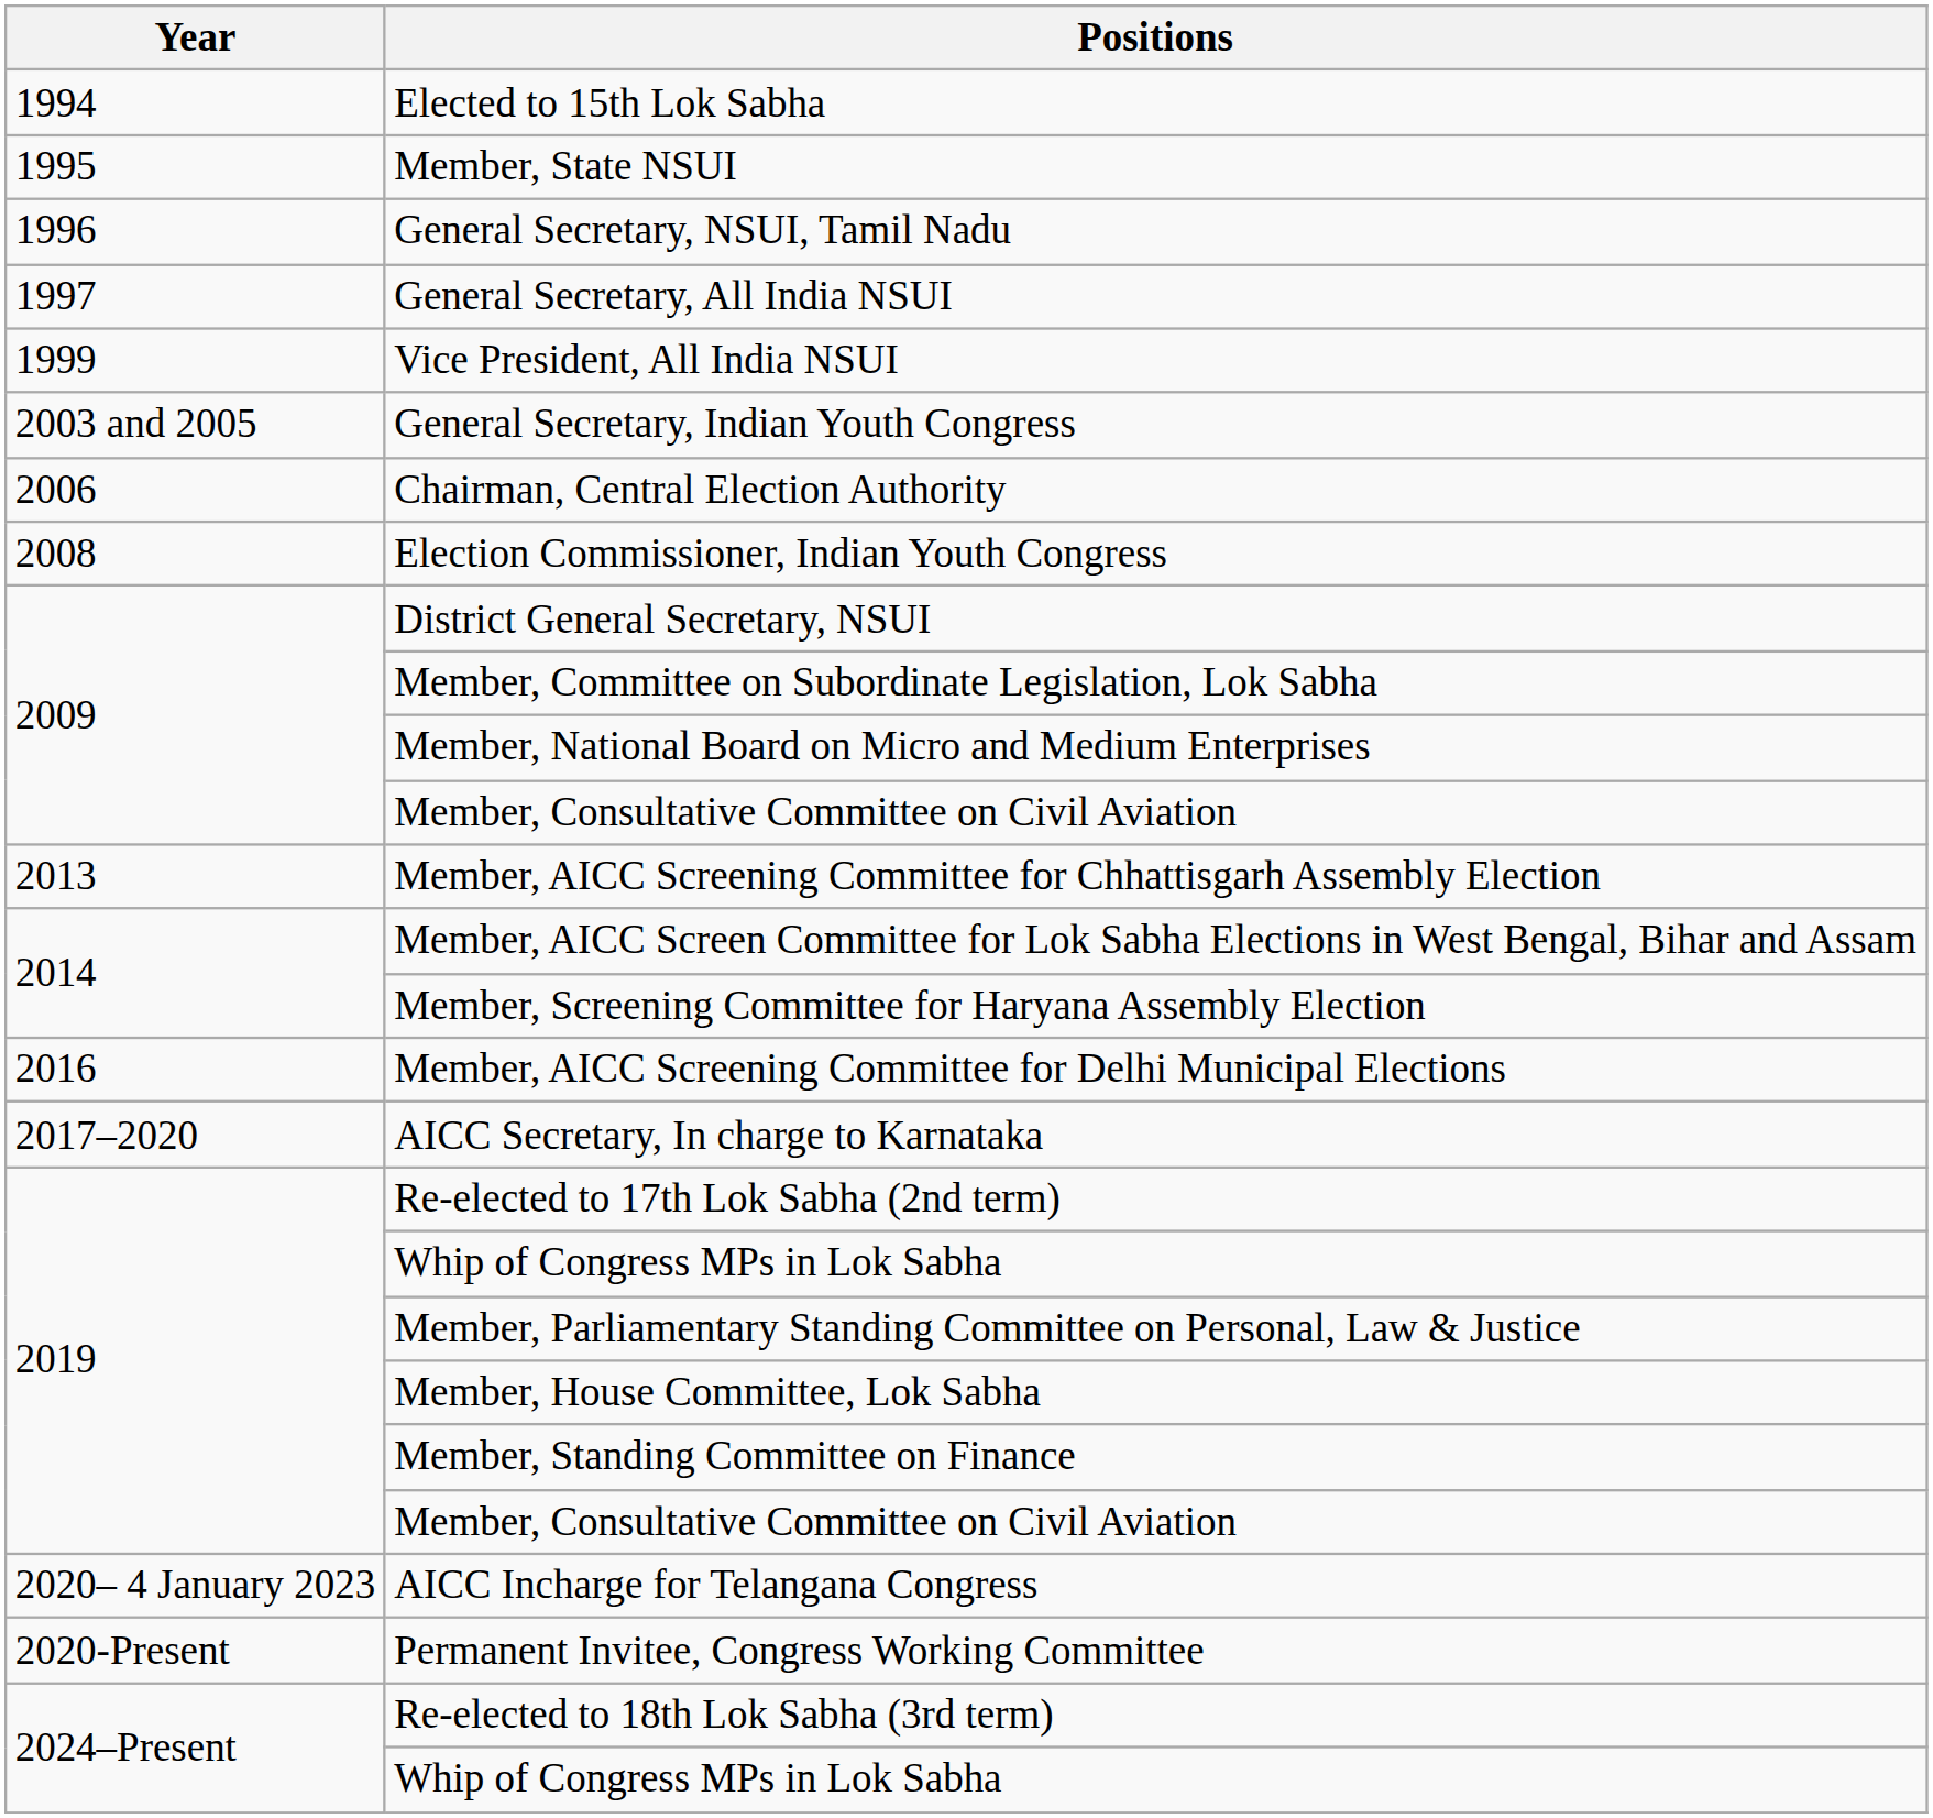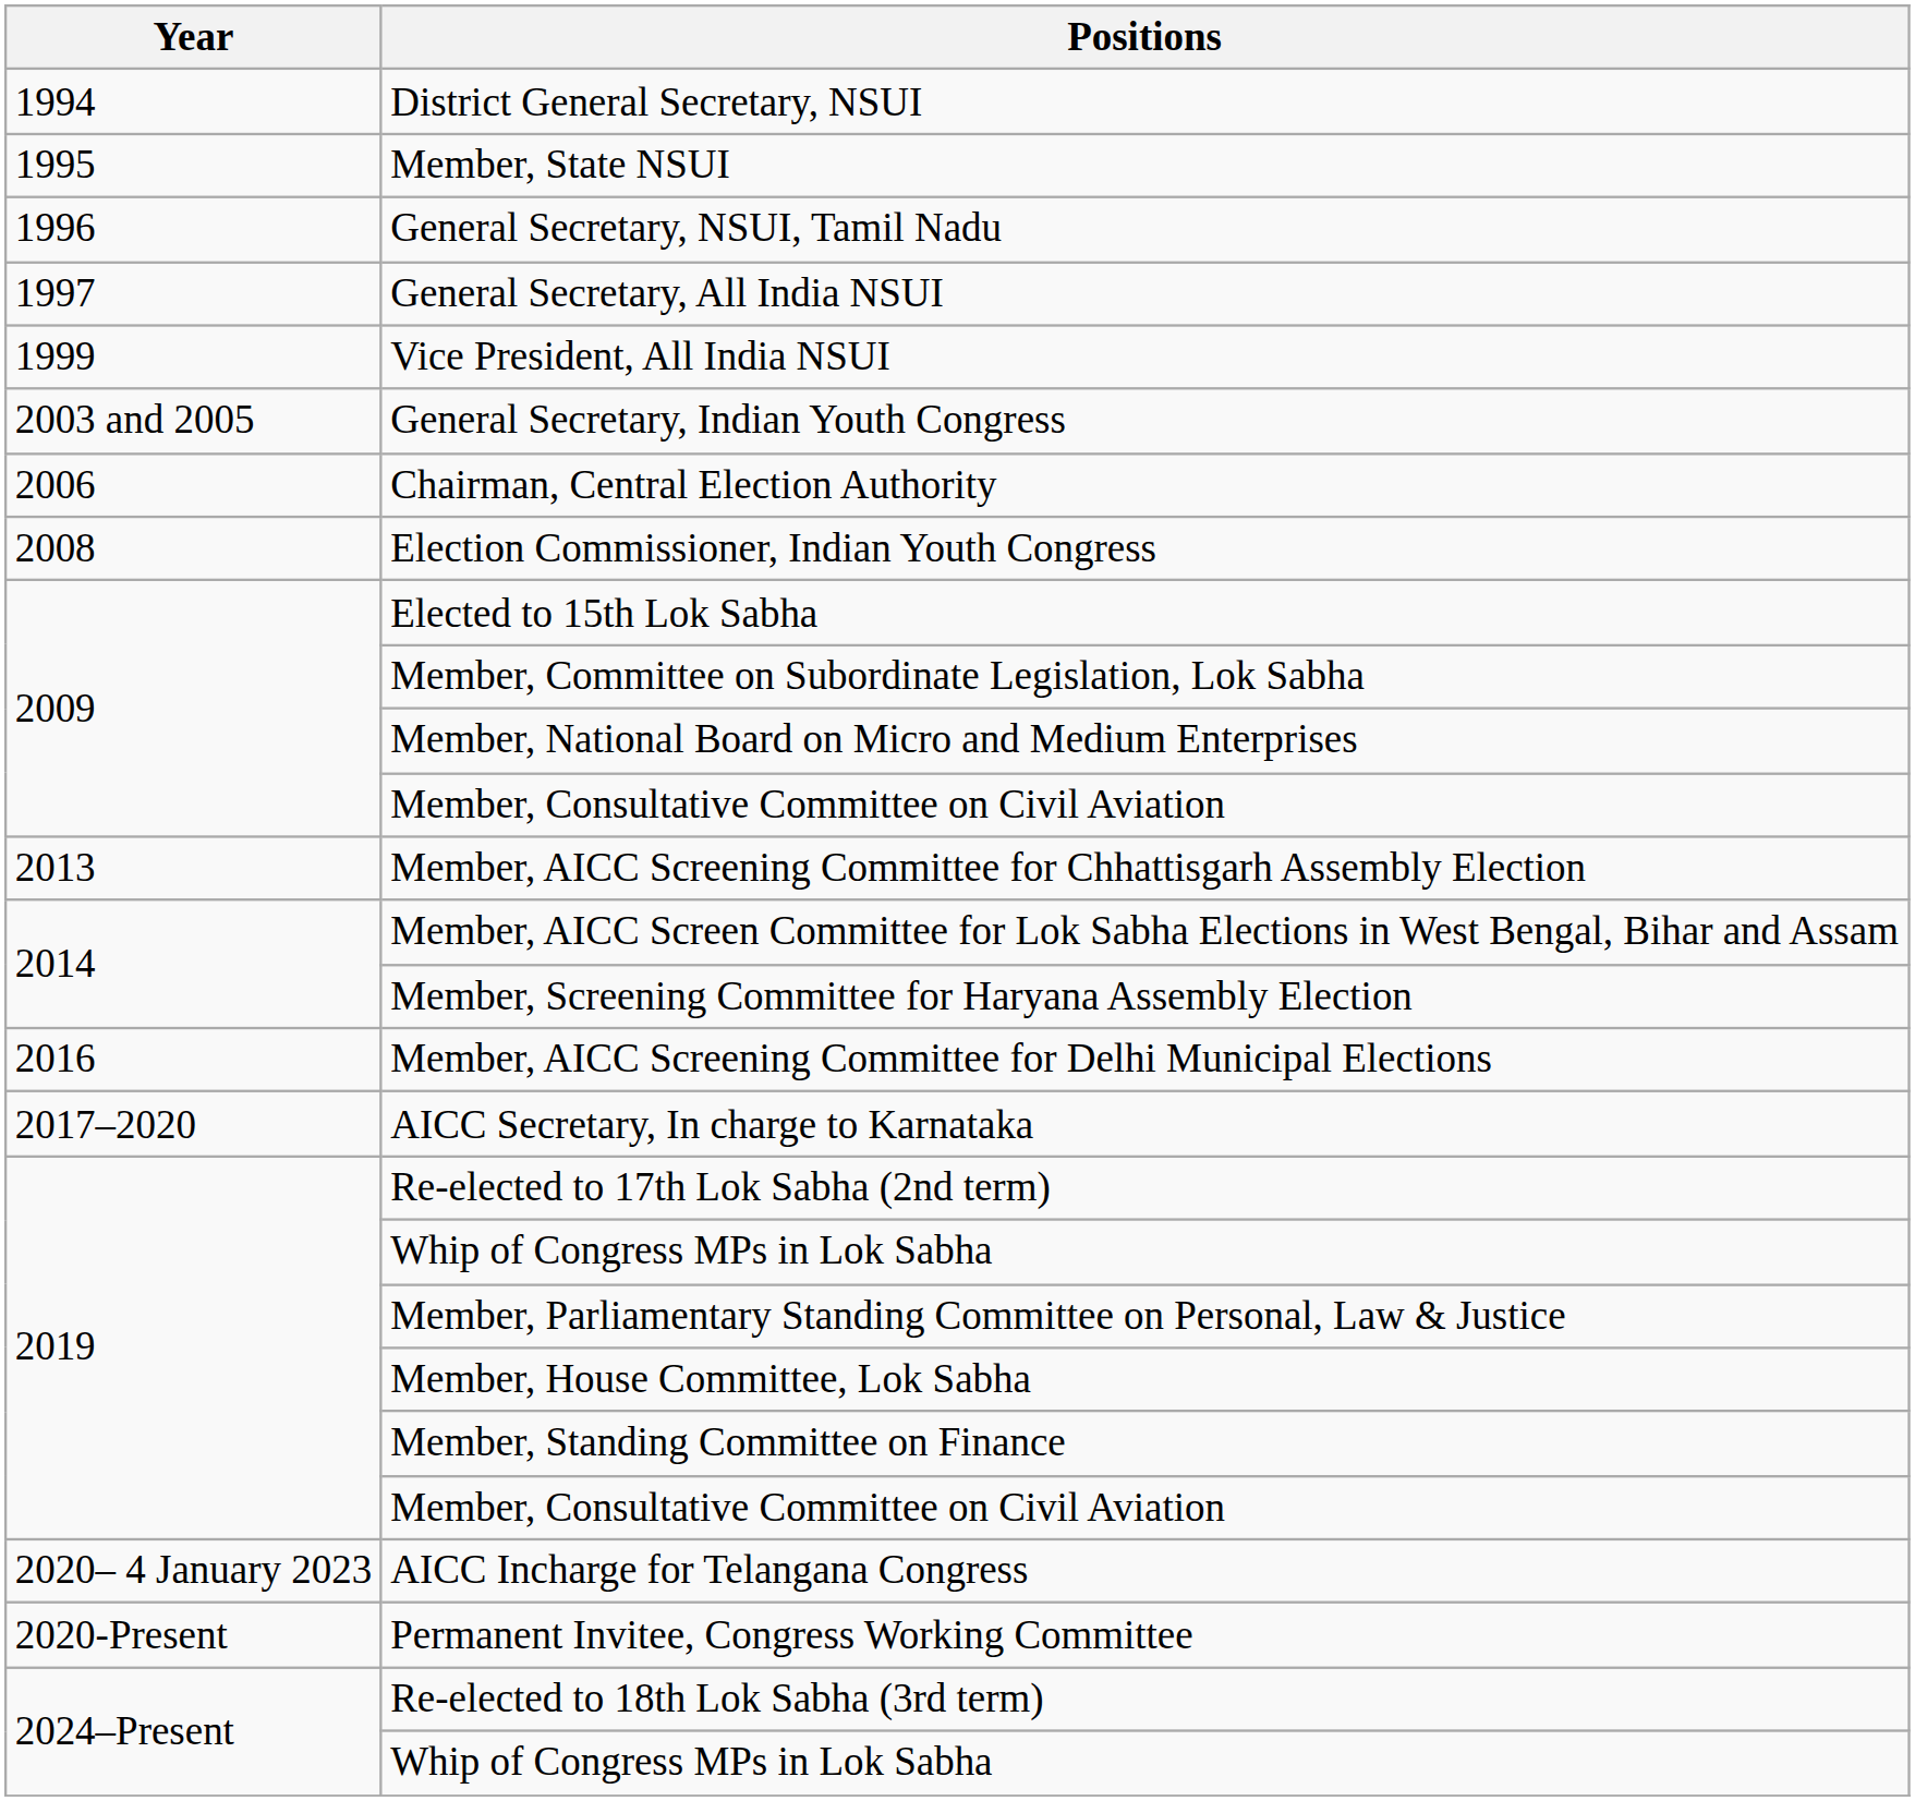 <table class="wikitable">
 <tr>
 <th>Year</th>
 <th>Positions</th>
 </tr>
 <tr>
 <td>1994</td>
-<td>Elected to 15th Lok Sabha</td>
+<td>District General Secretary, NSUI</td>
 </tr>
 <tr>
 <td>1995</td>
 <td>Member, State NSUI</td>
 </tr>
 <tr>
 <td>1996</td>
 <td>General Secretary, NSUI, Tamil Nadu</td>
 </tr>
 <tr>
 <td>1997</td>
 <td>General Secretary, All India NSUI</td>
 </tr>
 <tr>
 <td>1999</td>
 <td>Vice President, All India NSUI</td>
 </tr>
 <tr>
 <td>2003 and 2005</td>
 <td>General Secretary, Indian Youth Congress</td>
 </tr>
 <tr>
 <td>2006</td>
 <td>Chairman, Central Election Authority</td>
 </tr>
 <tr>
 <td>2008</td>
 <td>Election Commissioner, Indian Youth Congress</td>
 </tr>
 <tr>
 <td rowspan="4">2009</td>
-<td>District General Secretary, NSUI</td>
+<td>Elected to 15th Lok Sabha</td>
 </tr>
 <tr>
 <td>Member, Committee on Subordinate Legislation, Lok Sabha</td>
 </tr>
 <tr>
 <td>Member, National Board on Micro and Medium Enterprises</td>
 </tr>
 <tr>
 <td>Member, Consultative Committee on Civil Aviation</td>
 </tr>
 <tr>
 <td>2013</td>
 <td>Member, AICC Screening Committee for Chhattisgarh Assembly Election</td>
 </tr>
 <tr>
 <td rowspan="2">2014</td>
 <td>Member, AICC Screen Committee for Lok Sabha Elections in West Bengal, Bihar and Assam</td>
 </tr>
 <tr>
 <td>Member, Screening Committee for Haryana Assembly Election</td>
 </tr>
 <tr>
 <td>2016</td>
 <td>Member, AICC Screening Committee for Delhi Municipal Elections</td>
 </tr>
 <tr>
 <td>2017–2020</td>
 <td>AICC Secretary, In charge to Karnataka</td>
 </tr>
 <tr>
 <td rowspan="6">2019</td>
 <td>Re-elected to 17th Lok Sabha (2nd term)</td>
 </tr>
 <tr>
 <td>Whip of Congress MPs in Lok Sabha</td>
 </tr>
 <tr>
 <td>Member, Parliamentary Standing Committee on Personal, Law & Justice</td>
 </tr>
 <tr>
 <td>Member, House Committee, Lok Sabha</td>
 </tr>
 <tr>
 <td>Member, Standing Committee on Finance</td>
 </tr>
 <tr>
 <td>Member, Consultative Committee on Civil Aviation</td>
 </tr>
 <tr>
 <td>2020– 4 January 2023</td>
 <td>AICC Incharge for Telangana Congress</td>
 </tr>
 <tr>
 <td>2020-Present</td>
 <td>Permanent Invitee, Congress Working Committee</td>
 </tr>
 <tr>
 <td rowspan="2">2024–Present</td>
 <td>Re-elected to 18th Lok Sabha (3rd term)</td>
 </tr>
 <tr>
 <td>Whip of Congress MPs in Lok Sabha</td>
 </tr>
 <tr>
 </tr>
 </table>
